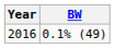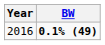 <table class="wikitable">
 <tr>
 <th>Year</th>
 <th><a href='#'>BW</a></th>
 </tr>
 <tr>
 <td>2016</td>
-<td>0.1% (49)</td>
+<td><strong>0.1% (49)</strong></td>
 </tr>
 </table>
